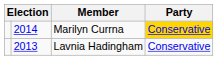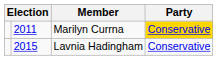 <table class="wikitable">
 <tr>
 <th colspan="2">Election</th>
 <th>Member</th>
 <th>Party</th>
 </tr>
 <tr>
 <td style="background-color: "></td>
-<td><a href='#'>2014</a></td>
+<td><a href='#'>2011</a></td>
 <td>Marilyn Currna</td>
 <td style="background: gold;"><a href='#'>Conservative</a></td>
 </tr>
 <tr>
 <td style="background-color: "></td>
-<td><a href='#'>2013</a></td>
+<td><a href='#'>2015</a></td>
 <td>Lavnia Hadingham</td>
 <td><a href='#'>Conservative</a></td>
 </tr>
 </table>
